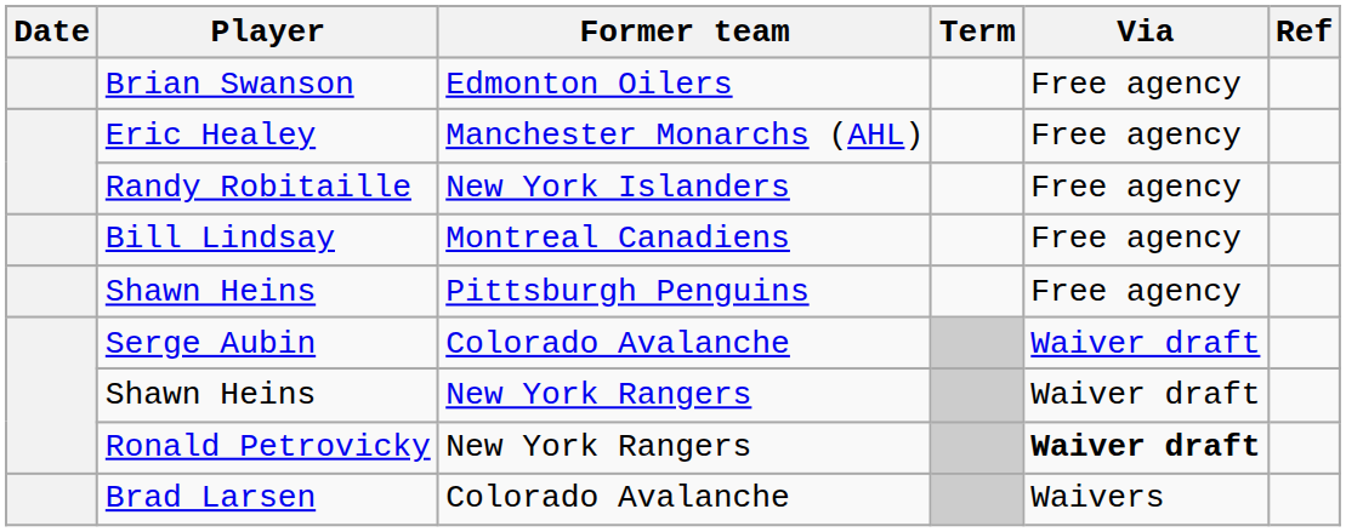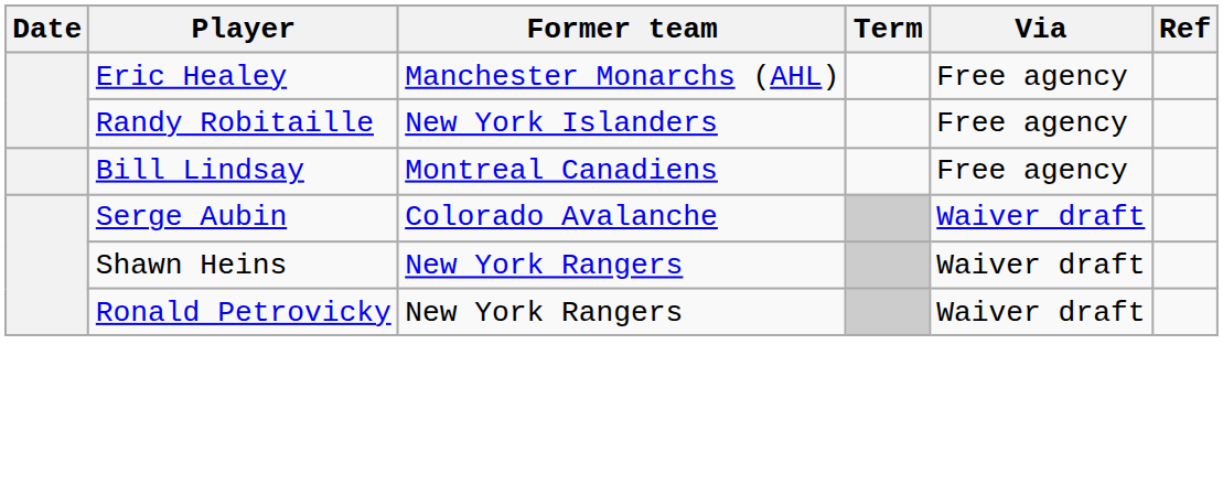 <table class="wikitable plainrowheaders">
 <tr style="background:#ddd; text-align:center;">
 <th>Date</th>
 <th>Player</th>
 <th>Former team</th>
 <th>Term</th>
 <th>Via</th>
 <th>Ref</th>
-</tr>
-<tr>
-<th scope="row"></th>
-<td><a href='#'>Brian Swanson</a></td>
-<td><a href='#'>Edmonton Oilers</a></td>
-<td></td>
-<td>Free agency</td>
-<td></td>
 </tr>
 <tr>
 <th scope="row" rowspan=2></th>
 <td><a href='#'>Eric Healey</a></td>
 <td><a href='#'>Manchester Monarchs</a> (<a href='#'>AHL</a>)</td>
 <td></td>
 <td>Free agency</td>
 <td></td>
 </tr>
 <tr>
 <td><a href='#'>Randy Robitaille</a></td>
 <td><a href='#'>New York Islanders</a></td>
 <td></td>
 <td>Free agency</td>
 <td></td>
 </tr>
 <tr>
 <th scope="row"></th>
 <td><a href='#'>Bill Lindsay</a></td>
 <td><a href='#'>Montreal Canadiens</a></td>
 <td></td>
 <td>Free agency</td>
 <td></td>
 </tr>
 <tr>
-<th scope="row"></th>
-<td><a href='#'>Shawn Heins</a></td>
-<td><a href='#'>Pittsburgh Penguins</a></td>
-<td></td>
-<td>Free agency</td>
-<td></td>
-</tr>
-<tr>
 <th scope="row" rowspan=3></th>
 <td><a href='#'>Serge Aubin</a></td>
 <td><a href='#'>Colorado Avalanche</a></td>
 <td style="background:#ccc"></td>
 <td><a href='#'>Waiver draft</a></td>
 <td></td>
 </tr>
 <tr>
 <td>Shawn Heins</td>
 <td><a href='#'>New York Rangers</a></td>
 <td style="background:#ccc"></td>
 <td>Waiver draft</td>
 <td></td>
 </tr>
 <tr>
 <td><a href='#'>Ronald Petrovicky</a></td>
 <td>New York Rangers</td>
 <td style="background:#ccc"></td>
-<td><strong>Waiver draft</strong></td>
-<td></td>
-</tr>
-<tr>
-<th scope="row"></th>
-<td><a href='#'>Brad Larsen</a></td>
-<td>Colorado Avalanche</td>
-<td style="background:#ccc"></td>
-<td>Waivers</td>
+<td>Waiver draft</td>
 <td></td>
 </tr>
 </table>
